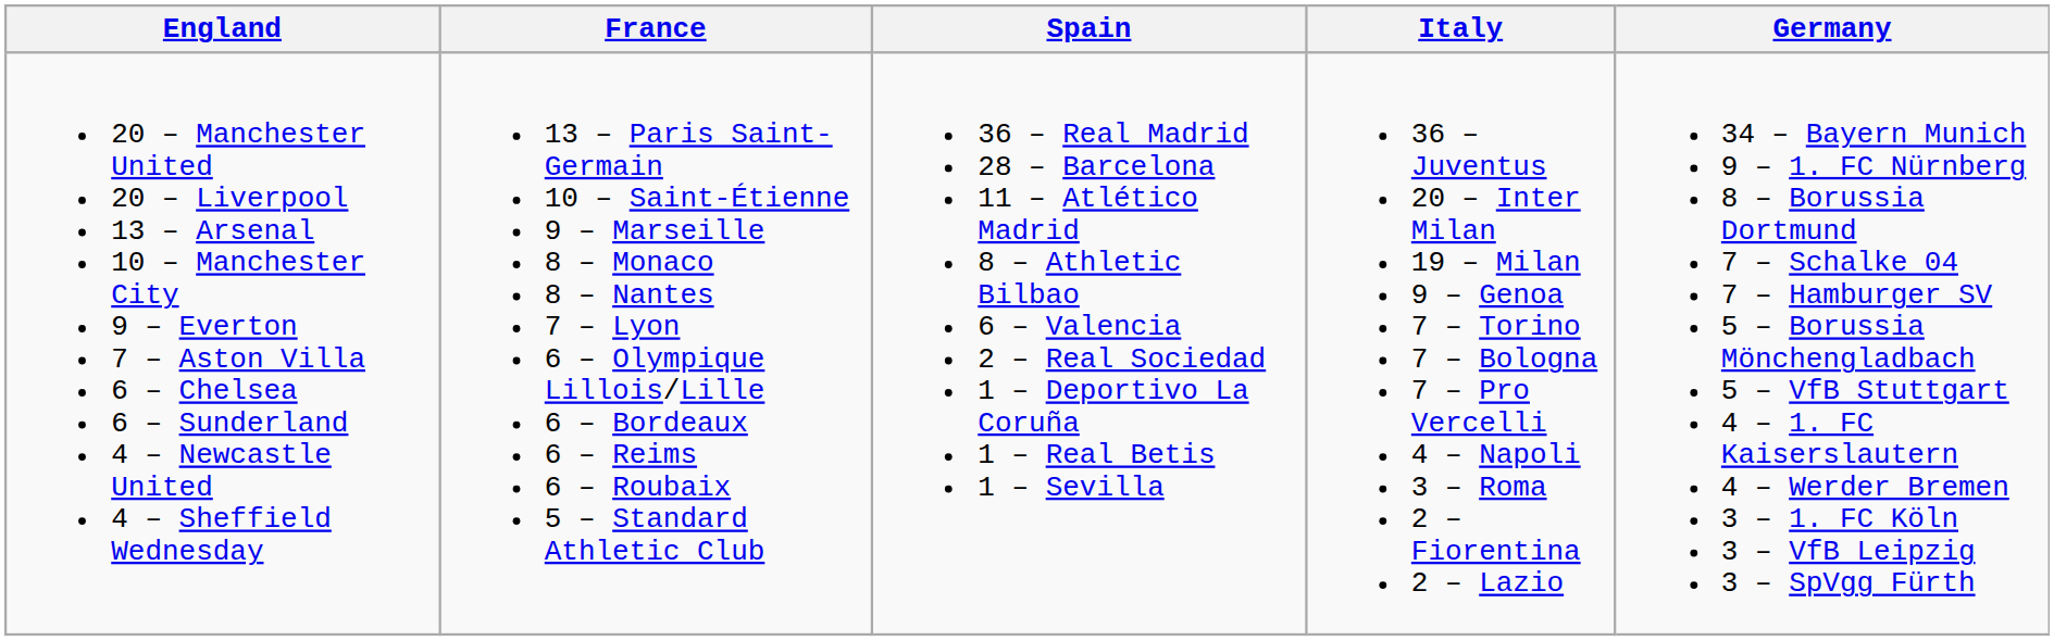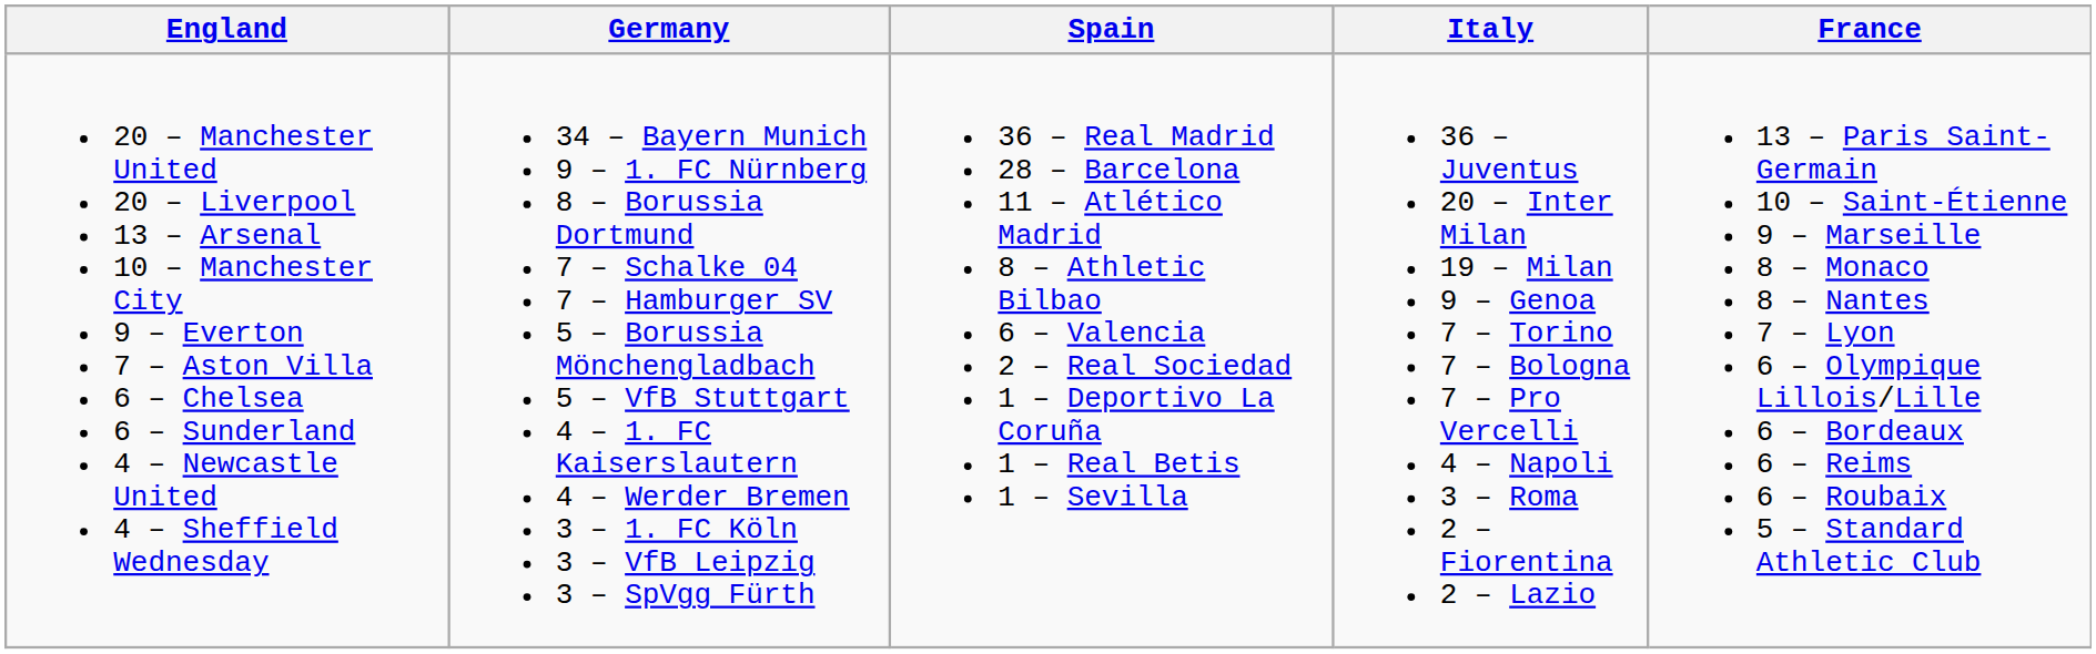 <table class="wikitable" style="text-align:; font-size:88%;">
 <tr>
 <th style="min-width:170px;"> <a href='#'>England</a></th>
-<th style="min-width:170px;"> <a href='#'>France</a></th>
+<th style="min-width:170px;"> <a href='#'>Germany</a></th>
 <th style="min-width:170px;"> <a href='#'>Spain</a></th>
 <th style="min-width:120px;"> <a href='#'>Italy</a></th>
-<th style="min-width:170px;"> <a href='#'>Germany</a></th>
+<th style="min-width:170px;"> <a href='#'>France</a></th>
 </tr>
 <tr style="vertical-align:top;">
 <td><br><ul><li>20 – <a href='#'>Manchester United</a></li><li>20 – <a href='#'>Liverpool</a></li><li>13 – <a href='#'>Arsenal</a></li><li>10 – <a href='#'>Manchester City</a></li><li>9 – <a href='#'>Everton</a></li><li>7 – <a href='#'>Aston Villa</a></li><li>6 – <a href='#'>Chelsea</a></li><li>6 – <a href='#'>Sunderland</a></li><li>4 – <a href='#'>Newcastle United</a></li><li>4 – <a href='#'>Sheffield Wednesday</a></li></ul></td>
-<td><br><ul><li>13 – <a href='#'>Paris Saint-Germain</a></li><li>10 – <a href='#'>Saint-Étienne</a></li><li>9  – <a href='#'>Marseille</a></li><li>8 – <a href='#'>Monaco</a></li><li>8 – <a href='#'>Nantes</a></li><li>7 – <a href='#'>Lyon</a></li><li>6 – <a href='#'>Olympique Lillois</a>/<a href='#'>Lille</a></li><li>6 – <a href='#'>Bordeaux</a></li><li>6 – <a href='#'>Reims</a></li><li>6 – <a href='#'>Roubaix</a></li><li>5 – <a href='#'>Standard Athletic Club</a></li></ul></td>
+<td><br><ul><li>34 – <a href='#'>Bayern Munich</a></li><li>9 – <a href='#'>1. FC Nürnberg</a></li><li>8 – <a href='#'>Borussia Dortmund</a></li><li>7 – <a href='#'>Schalke 04</a></li><li>7 – <a href='#'>Hamburger SV</a></li><li>5 – <a href='#'>Borussia Mönchengladbach</a></li><li>5 – <a href='#'>VfB Stuttgart</a></li><li>4 – <a href='#'>1. FC Kaiserslautern</a></li><li>4 – <a href='#'>Werder Bremen</a></li><li>3 – <a href='#'>1. FC Köln</a></li><li>3 – <a href='#'>VfB Leipzig</a></li><li>3 – <a href='#'>SpVgg Fürth</a></li></ul></td>
 <td><br><ul><li>36 – <a href='#'>Real Madrid</a></li><li>28 – <a href='#'>Barcelona</a></li><li>11 – <a href='#'>Atlético Madrid</a></li><li>8 – <a href='#'>Athletic Bilbao</a></li><li>6 – <a href='#'>Valencia</a></li><li>2 – <a href='#'>Real Sociedad</a></li><li>1 – <a href='#'>Deportivo La Coruña</a></li><li>1 – <a href='#'>Real Betis</a></li><li>1 – <a href='#'>Sevilla</a></li></ul></td>
 <td><br><ul><li>36 – <a href='#'>Juventus</a></li><li>20 – <a href='#'>Inter Milan</a></li><li>19 – <a href='#'>Milan</a></li><li>9 – <a href='#'>Genoa</a></li><li>7 – <a href='#'>Torino</a></li><li>7 – <a href='#'>Bologna</a></li><li>7 – <a href='#'>Pro Vercelli</a></li><li>4 – <a href='#'>Napoli</a></li><li>3 – <a href='#'>Roma</a></li><li>2 – <a href='#'>Fiorentina</a></li><li>2 – <a href='#'>Lazio</a></li></ul></td>
-<td><br><ul><li>34 – <a href='#'>Bayern Munich</a></li><li>9 – <a href='#'>1. FC Nürnberg</a></li><li>8 – <a href='#'>Borussia Dortmund</a></li><li>7 – <a href='#'>Schalke 04</a></li><li>7 – <a href='#'>Hamburger SV</a></li><li>5 – <a href='#'>Borussia Mönchengladbach</a></li><li>5 – <a href='#'>VfB Stuttgart</a></li><li>4 – <a href='#'>1. FC Kaiserslautern</a></li><li>4 – <a href='#'>Werder Bremen</a></li><li>3 – <a href='#'>1. FC Köln</a></li><li>3 – <a href='#'>VfB Leipzig</a></li><li>3 – <a href='#'>SpVgg Fürth</a></li></ul></td>
+<td><br><ul><li>13 – <a href='#'>Paris Saint-Germain</a></li><li>10 – <a href='#'>Saint-Étienne</a></li><li>9  – <a href='#'>Marseille</a></li><li>8 – <a href='#'>Monaco</a></li><li>8 – <a href='#'>Nantes</a></li><li>7 – <a href='#'>Lyon</a></li><li>6 – <a href='#'>Olympique Lillois</a>/<a href='#'>Lille</a></li><li>6 – <a href='#'>Bordeaux</a></li><li>6 – <a href='#'>Reims</a></li><li>6 – <a href='#'>Roubaix</a></li><li>5 – <a href='#'>Standard Athletic Club</a></li></ul></td>
 </tr>
 </table>
